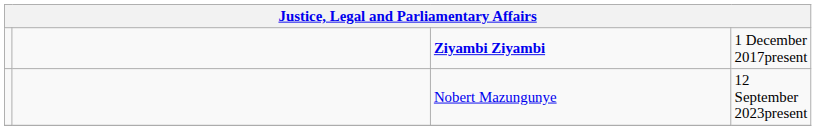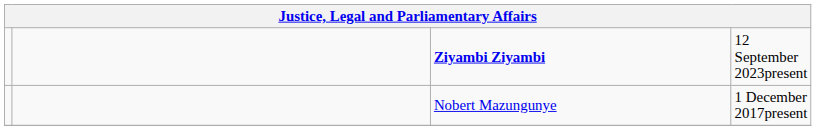 <table class="wikitable">
 <tr>
 <th colspan="4"><a href='#'>Justice, Legal and Parliamentary Affairs</a></th>
 </tr>
 <tr>
 <td></td>
 <td style="width: 450px;"></td>
 <td style="width: 320px;"> <strong><a href='#'>Ziyambi Ziyambi</a></strong></td>
-<td>1 December 2017present</td>
+<td>12 September 2023present</td>
 </tr>
 <tr>
 <td style="width: 1px; background: "></td>
 <td style="width: 450px;"></td>
 <td style="width: 320px;"> <a href='#'>Nobert Mazungunye</a></td>
-<td>12 September 2023present</td>
+<td>1 December 2017present</td>
 </tr>
 <tr>
 </tr>
 </table>
